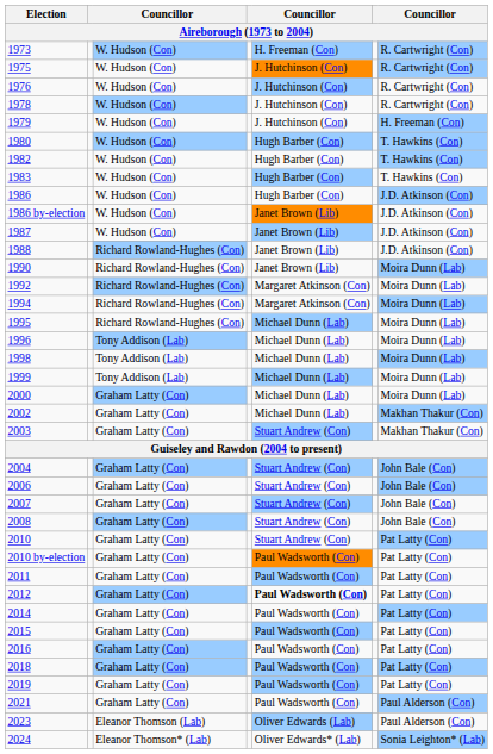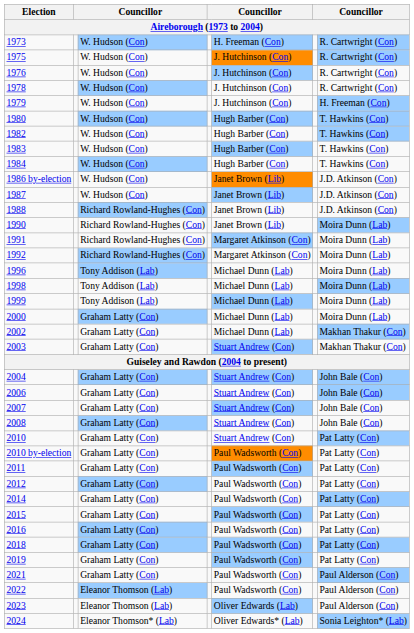 <table class="wikitable">
 <tr>
 <th>Election</th>
 <th colspan="2">Councillor</th>
 <th colspan="2">Councillor</th>
 <th colspan="2">Councillor</th>
 </tr>
 <tr>
 <th colspan=7><a href='#'>Aireborough</a> (<a href='#'>1973</a> to <a href='#'>2004</a>)</th>
 </tr>
 <tr>
 <td><a href='#'>1973</a></td>
 <td style="background-color: "></td>
 <td bgcolor="#99CCFF">W. Hudson (<a href='#'>Con</a>)</td>
 <td style="background-color: "></td>
 <td bgcolor="#99CCFF">H. Freeman (<a href='#'>Con</a>)</td>
 <td style="background-color: "></td>
 <td bgcolor="#99CCFF">R. Cartwright (<a href='#'>Con</a>)</td>
 </tr>
 <tr>
 <td><a href='#'>1975</a></td>
 <td style="background-color: "></td>
 <td>W. Hudson (<a href='#'>Con</a>)</td>
 <td style="background-color: "></td>
 <td bgcolor="#FF8C00">J. Hutchinson (<a href='#'>Con</a>)</td>
 <td style="background-color: "></td>
 <td bgcolor="#99CCFF">R. Cartwright (<a href='#'>Con</a>)</td>
 </tr>
 <tr>
 <td><a href='#'>1976</a></td>
 <td style="background-color: "></td>
 <td>W. Hudson (<a href='#'>Con</a>)</td>
 <td style="background-color: "></td>
 <td bgcolor="#99CCFF">J. Hutchinson (<a href='#'>Con</a>)</td>
 <td style="background-color: "></td>
 <td>R. Cartwright (<a href='#'>Con</a>)</td>
 </tr>
 <tr>
 <td><a href='#'>1978</a></td>
 <td style="background-color: "></td>
 <td bgcolor="#99CCFF">W. Hudson (<a href='#'>Con</a>)</td>
 <td style="background-color: "></td>
 <td>J. Hutchinson (<a href='#'>Con</a>)</td>
 <td style="background-color: "></td>
 <td>R. Cartwright (<a href='#'>Con</a>)</td>
 </tr>
 <tr>
 <td><a href='#'>1979</a></td>
 <td style="background-color: "></td>
 <td>W. Hudson (<a href='#'>Con</a>)</td>
 <td style="background-color: "></td>
 <td>J. Hutchinson (<a href='#'>Con</a>)</td>
 <td style="background-color: "></td>
 <td bgcolor="#99CCFF">H. Freeman (<a href='#'>Con</a>)</td>
 </tr>
 <tr>
 <td><a href='#'>1980</a></td>
 <td style="background-color: "></td>
 <td bgcolor="#99CCFF">W. Hudson (<a href='#'>Con</a>)</td>
 <td style="background-color: "></td>
 <td bgcolor="#99CCFF">Hugh Barber (<a href='#'>Con</a>)</td>
 <td style="background-color: "></td>
 <td bgcolor="#99CCFF">T. Hawkins (<a href='#'>Con</a>)</td>
 </tr>
 <tr>
 <td><a href='#'>1982</a></td>
 <td style="background-color: "></td>
 <td>W. Hudson (<a href='#'>Con</a>)</td>
 <td style="background-color: "></td>
 <td>Hugh Barber (<a href='#'>Con</a>)</td>
 <td style="background-color: "></td>
 <td bgcolor="#99CCFF">T. Hawkins (<a href='#'>Con</a>)</td>
 </tr>
 <tr>
 <td><a href='#'>1983</a></td>
 <td style="background-color: "></td>
 <td>W. Hudson (<a href='#'>Con</a>)</td>
 <td style="background-color: "></td>
 <td bgcolor="#99CCFF">Hugh Barber (<a href='#'>Con</a>)</td>
 <td style="background-color: "></td>
 <td>T. Hawkins (<a href='#'>Con</a>)</td>
 </tr>
 <tr>
-<td><a href='#'>1986</a></td>
+<td><a href='#'>1984</a></td>
 <td style="background-color: "></td>
-<td>W. Hudson (<a href='#'>Con</a>)</td>
+<td bgcolor="#99CCFF">W. Hudson (<a href='#'>Con</a>)</td>
 <td style="background-color: "></td>
 <td>Hugh Barber (<a href='#'>Con</a>)</td>
 <td style="background-color: "></td>
-<td bgcolor="#99CCFF">J.D. Atkinson (<a href='#'>Con</a>)</td>
+<td>T. Hawkins (<a href='#'>Con</a>)</td>
 </tr>
 <tr>
 <td><a href='#'>1986 by-election</a></td>
 <td style="background-color: "></td>
 <td>W. Hudson (<a href='#'>Con</a>)</td>
 <td style="background-color: "></td>
 <td bgcolor="#FF8C00">Janet Brown (<a href='#'>Lib</a>)</td>
 <td style="background-color: "></td>
 <td>J.D. Atkinson (<a href='#'>Con</a>)</td>
 </tr>
 <tr>
 <td><a href='#'>1987</a></td>
 <td style="background-color: "></td>
 <td>W. Hudson (<a href='#'>Con</a>)</td>
 <td style="background-color: "></td>
 <td bgcolor="#99CCFF">Janet Brown (<a href='#'>Lib</a>)</td>
 <td style="background-color: "></td>
 <td>J.D. Atkinson (<a href='#'>Con</a>)</td>
 </tr>
 <tr>
 <td><a href='#'>1988</a></td>
 <td style="background-color: "></td>
 <td bgcolor="#99CCFF">Richard Rowland-Hughes (<a href='#'>Con</a>)</td>
 <td style="background-color: "></td>
 <td>Janet Brown (<a href='#'>Lib</a>)</td>
 <td style="background-color: "></td>
 <td>J.D. Atkinson (<a href='#'>Con</a>)</td>
 </tr>
 <tr>
 <td><a href='#'>1990</a></td>
 <td style="background-color: "></td>
 <td>Richard Rowland-Hughes (<a href='#'>Con</a>)</td>
 <td style="background-color: "></td>
 <td>Janet Brown (<a href='#'>Lib</a>)</td>
 <td style="background-color: "></td>
 <td bgcolor="#99CCFF">Moira Dunn (<a href='#'>Lab</a>)</td>
 </tr>
 <tr>
+<td><a href='#'>1991</a></td>
+<td style="background-color: "></td>
+<td>Richard Rowland-Hughes (<a href='#'>Con</a>)</td>
+<td style="background-color: "></td>
+<td bgcolor="#99CCFF">Margaret Atkinson (<a href='#'>Con</a>)</td>
+<td style="background-color: "></td>
+<td>Moira Dunn (<a href='#'>Lab</a>)</td>
+</tr>
+<tr>
 <td><a href='#'>1992</a></td>
 <td style="background-color: "></td>
 <td bgcolor="#99CCFF">Richard Rowland-Hughes (<a href='#'>Con</a>)</td>
 <td style="background-color: "></td>
 <td>Margaret Atkinson (<a href='#'>Con</a>)</td>
-<td style="background-color: "></td>
-<td>Moira Dunn (<a href='#'>Lab</a>)</td>
-</tr>
-<tr>
-<td><a href='#'>1994</a></td>
-<td style="background-color: "></td>
-<td>Richard Rowland-Hughes (<a href='#'>Con</a>)</td>
-<td style="background-color: "></td>
-<td>Margaret Atkinson (<a href='#'>Con</a>)</td>
-<td style="background-color: "></td>
-<td bgcolor="#99CCFF">Moira Dunn (<a href='#'>Lab</a>)</td>
-</tr>
-<tr>
-<td><a href='#'>1995</a></td>
-<td style="background-color: "></td>
-<td>Richard Rowland-Hughes (<a href='#'>Con</a>)</td>
-<td style="background-color: "></td>
-<td bgcolor="#99CCFF">Michael Dunn (<a href='#'>Lab</a>)</td>
 <td style="background-color: "></td>
 <td>Moira Dunn (<a href='#'>Lab</a>)</td>
 </tr>
 <tr>
 <td><a href='#'>1996</a></td>
 <td style="background-color: "></td>
 <td bgcolor="#99CCFF">Tony Addison (<a href='#'>Lab</a>)</td>
 <td style="background-color: "></td>
 <td>Michael Dunn (<a href='#'>Lab</a>)</td>
 <td style="background-color: "></td>
 <td>Moira Dunn (<a href='#'>Lab</a>)</td>
 </tr>
 <tr>
 <td><a href='#'>1998</a></td>
 <td style="background-color: "></td>
 <td>Tony Addison (<a href='#'>Lab</a>)</td>
 <td style="background-color: "></td>
 <td>Michael Dunn (<a href='#'>Lab</a>)</td>
 <td style="background-color: "></td>
 <td bgcolor="#99CCFF">Moira Dunn (<a href='#'>Lab</a>)</td>
 </tr>
 <tr>
 <td><a href='#'>1999</a></td>
 <td style="background-color: "></td>
 <td>Tony Addison (<a href='#'>Lab</a>)</td>
 <td style="background-color: "></td>
 <td bgcolor="#99CCFF">Michael Dunn (<a href='#'>Lab</a>)</td>
 <td style="background-color: "></td>
 <td>Moira Dunn (<a href='#'>Lab</a>)</td>
 </tr>
 <tr>
 <td><a href='#'>2000</a></td>
 <td style="background-color: "></td>
 <td bgcolor="#99CCFF">Graham Latty (<a href='#'>Con</a>)</td>
 <td style="background-color: "></td>
 <td>Michael Dunn (<a href='#'>Lab</a>)</td>
 <td style="background-color: "></td>
 <td>Moira Dunn (<a href='#'>Lab</a>)</td>
 </tr>
 <tr>
 <td><a href='#'>2002</a></td>
 <td style="background-color: "></td>
 <td>Graham Latty (<a href='#'>Con</a>)</td>
 <td style="background-color: "></td>
 <td>Michael Dunn (<a href='#'>Lab</a>)</td>
 <td style="background-color: "></td>
 <td bgcolor="#99CCFF">Makhan Thakur (<a href='#'>Con</a>)</td>
 </tr>
 <tr>
 <td><a href='#'>2003</a></td>
 <td style="background-color: "></td>
 <td>Graham Latty (<a href='#'>Con</a>)</td>
 <td style="background-color: "></td>
 <td bgcolor="#99CCFF"><a href='#'>Stuart Andrew</a> (<a href='#'>Con</a>)</td>
 <td style="background-color: "></td>
 <td>Makhan Thakur (<a href='#'>Con</a>)</td>
 </tr>
 <tr>
 <th colspan=7>Guiseley and Rawdon (<a href='#'>2004</a> to present)</th>
 </tr>
 <tr>
 <td><a href='#'>2004</a></td>
 <td style="background-color: "></td>
 <td bgcolor="#99CCFF">Graham Latty (<a href='#'>Con</a>)</td>
 <td style="background-color: "></td>
 <td bgcolor="#99CCFF"><a href='#'>Stuart Andrew</a> (<a href='#'>Con</a>)</td>
 <td style="background-color: "></td>
 <td bgcolor="#99CCFF">John Bale (<a href='#'>Con</a>)</td>
 </tr>
 <tr>
 <td><a href='#'>2006</a></td>
 <td style="background-color: "></td>
 <td>Graham Latty (<a href='#'>Con</a>)</td>
 <td style="background-color: "></td>
 <td><a href='#'>Stuart Andrew</a> (<a href='#'>Con</a>)</td>
 <td style="background-color: "></td>
 <td bgcolor="#99CCFF">John Bale (<a href='#'>Con</a>)</td>
 </tr>
 <tr>
 <td><a href='#'>2007</a></td>
 <td style="background-color: "></td>
 <td>Graham Latty (<a href='#'>Con</a>)</td>
 <td style="background-color: "></td>
 <td bgcolor="#99CCFF"><a href='#'>Stuart Andrew</a> (<a href='#'>Con</a>)</td>
 <td style="background-color: "></td>
 <td>John Bale (<a href='#'>Con</a>)</td>
 </tr>
 <tr>
 <td><a href='#'>2008</a></td>
 <td style="background-color: "></td>
 <td bgcolor="#99CCFF">Graham Latty (<a href='#'>Con</a>)</td>
 <td style="background-color: "></td>
 <td><a href='#'>Stuart Andrew</a> (<a href='#'>Con</a>)</td>
 <td style="background-color: "></td>
 <td>John Bale (<a href='#'>Con</a>)</td>
 </tr>
 <tr>
 <td><a href='#'>2010</a></td>
 <td style="background-color: "></td>
 <td>Graham Latty (<a href='#'>Con</a>)</td>
 <td style="background-color: "></td>
 <td><a href='#'>Stuart Andrew</a> (<a href='#'>Con</a>)</td>
 <td style="background-color: "></td>
 <td bgcolor="#99CCFF">Pat Latty (<a href='#'>Con</a>)</td>
 </tr>
 <tr>
 <td><a href='#'>2010 by-election</a></td>
 <td style="background-color: "></td>
 <td>Graham Latty (<a href='#'>Con</a>)</td>
 <td style="background-color: "></td>
 <td bgcolor="#FF8C00">Paul Wadsworth (<a href='#'>Con</a>)<br></td>
 <td style="background-color: "></td>
 <td>Pat Latty (<a href='#'>Con</a>)</td>
 </tr>
 <tr>
 <td><a href='#'>2011</a></td>
 <td style="background-color: "></td>
 <td>Graham Latty (<a href='#'>Con</a>)</td>
 <td style="background-color: "></td>
 <td bgcolor="#99CCFF">Paul Wadsworth (<a href='#'>Con</a>)</td>
 <td style="background-color: "></td>
 <td>Pat Latty (<a href='#'>Con</a>)</td>
 </tr>
 <tr>
 <td><a href='#'>2012</a></td>
 <td style="background-color: "></td>
 <td bgcolor="#99CCFF">Graham Latty (<a href='#'>Con</a>)</td>
 <td style="background-color: "></td>
-<td><strong>Paul Wadsworth (<a href='#'>Con</a>)</strong></td>
+<td>Paul Wadsworth (<a href='#'>Con</a>)</td>
 <td style="background-color: "></td>
 <td>Pat Latty (<a href='#'>Con</a>)</td>
 </tr>
 <tr>
 <td><a href='#'>2014</a></td>
 <td style="background-color: "></td>
 <td>Graham Latty (<a href='#'>Con</a>)</td>
 <td style="background-color: "></td>
 <td>Paul Wadsworth (<a href='#'>Con</a>)</td>
 <td style="background-color: "></td>
 <td bgcolor="#99CCFF">Pat Latty (<a href='#'>Con</a>)</td>
 </tr>
 <tr>
 <td><a href='#'>2015</a></td>
 <td style="background-color: "></td>
 <td>Graham Latty (<a href='#'>Con</a>)</td>
 <td style="background-color: "></td>
 <td bgcolor="#99CCFF">Paul Wadsworth (<a href='#'>Con</a>)</td>
 <td style="background-color: "></td>
 <td>Pat Latty (<a href='#'>Con</a>)</td>
 </tr>
 <tr>
 <td><a href='#'>2016</a></td>
 <td style="background-color: "></td>
 <td bgcolor="#99CCFF">Graham Latty (<a href='#'>Con</a>)</td>
 <td style="background-color: "></td>
 <td>Paul Wadsworth (<a href='#'>Con</a>)</td>
 <td style="background-color: "></td>
 <td>Pat Latty (<a href='#'>Con</a>)</td>
 </tr>
 <tr>
 <td><a href='#'>2018</a></td>
 <td style="background-color: "></td>
 <td bgcolor="#99CCFF">Graham Latty (<a href='#'>Con</a>)</td>
 <td style="background-color: "></td>
 <td bgcolor="#99CCFF">Paul Wadsworth (<a href='#'>Con</a>)</td>
 <td style="background-color: "></td>
 <td bgcolor="#99CCFF">Pat Latty (<a href='#'>Con</a>)</td>
 </tr>
 <tr>
 <td><a href='#'>2019</a></td>
 <td style="background-color: "></td>
 <td>Graham Latty (<a href='#'>Con</a>)</td>
 <td style="background-color: "></td>
 <td bgcolor="#99CCFF">Paul Wadsworth (<a href='#'>Con</a>)</td>
 <td style="background-color: "></td>
 <td>Pat Latty (<a href='#'>Con</a>)</td>
 </tr>
 <tr>
 <td><a href='#'>2021</a></td>
 <td style="background-color: "></td>
 <td>Graham Latty (<a href='#'>Con</a>)</td>
 <td style="background-color: "></td>
 <td>Paul Wadsworth (<a href='#'>Con</a>)</td>
 <td style="background-color: "></td>
 <td bgcolor="#99CCFF">Paul Alderson (<a href='#'>Con</a>)</td>
 </tr>
 <tr>
+<td><a href='#'>2022</a></td>
+<td style="background-color: "></td>
+<td bgcolor="#99CCFF">Eleanor Thomson (<a href='#'>Lab</a>)</td>
+<td style="background-color: "></td>
+<td>Paul Wadsworth (<a href='#'>Con</a>)</td>
+<td style="background-color: "></td>
+<td>Paul Alderson (<a href='#'>Con</a>)</td>
+</tr>
+<tr>
 <td><a href='#'>2023</a></td>
 <td style="background-color: "></td>
 <td>Eleanor Thomson (<a href='#'>Lab</a>)</td>
 <td style="background-color: "></td>
 <td bgcolor="#99CCFF">Oliver Edwards (<a href='#'>Lab</a>)</td>
 <td style="background-color: "></td>
 <td>Paul Alderson (<a href='#'>Con</a>)</td>
 </tr>
 <tr>
 <td><a href='#'>2024</a></td>
 <td style="background-color: "></td>
 <td>Eleanor Thomson* (<a href='#'>Lab</a>)</td>
 <td style="background-color: "></td>
 <td>Oliver Edwards* (<a href='#'>Lab</a>)</td>
 <td style="background-color: "></td>
 <td bgcolor="#99CCFF">Sonia Leighton* (<a href='#'>Lab</a>)</td>
 </tr>
 </table>
